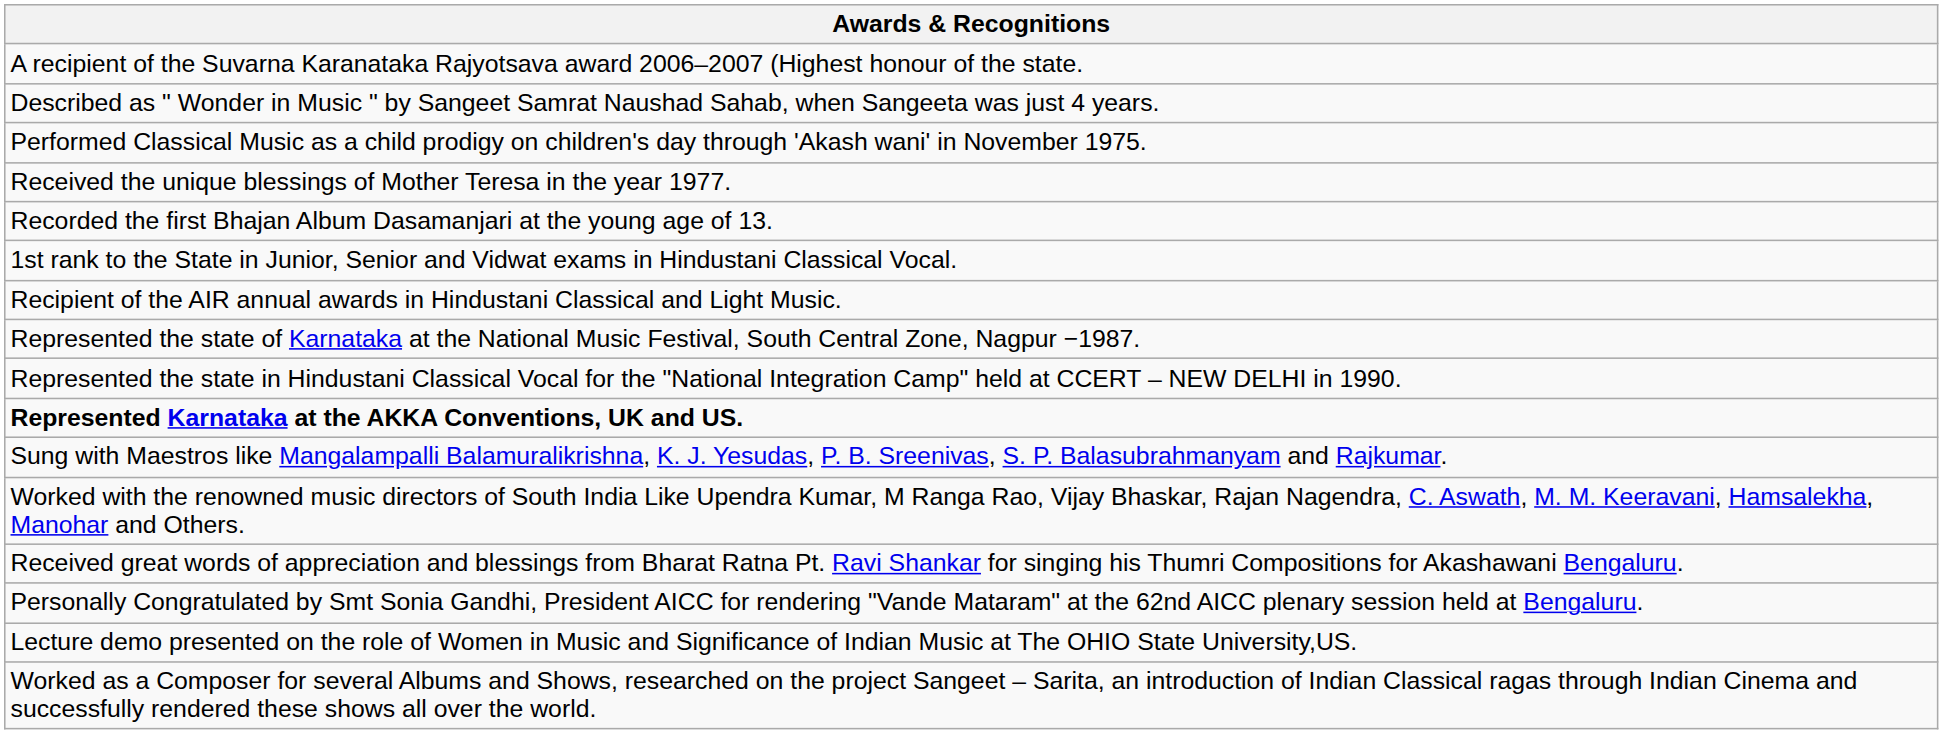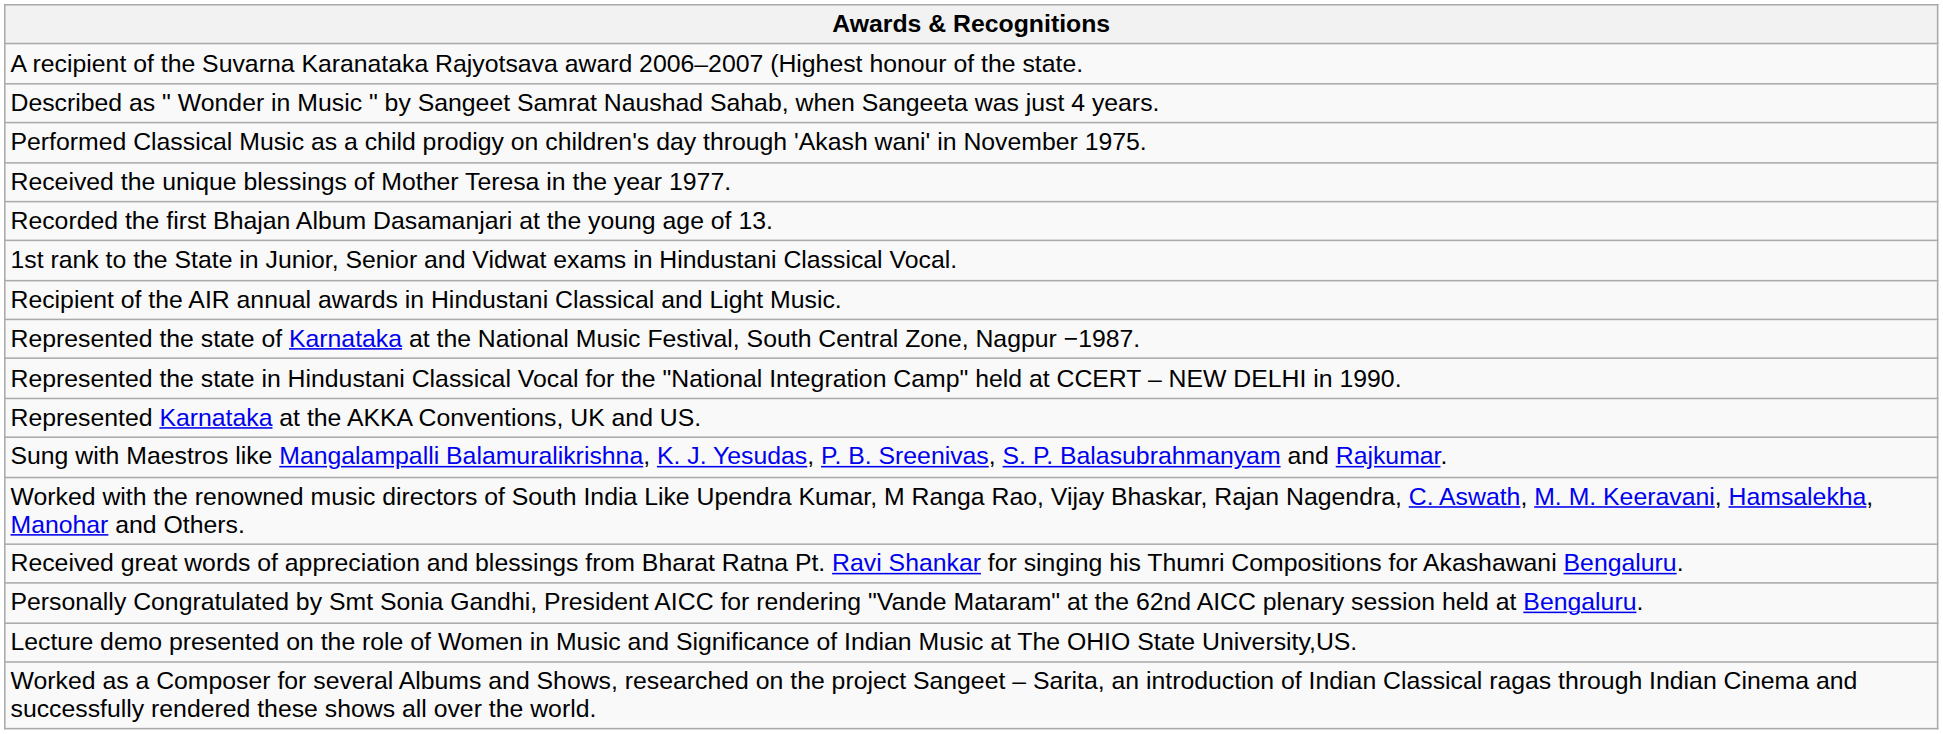 <table class="wikitable sortable">
 <tr>
 <th>Awards & Recognitions</th>
 </tr>
 <tr>
 <td>A recipient of the Suvarna Karanataka Rajyotsava award 2006–2007 (Highest honour of the state.</td>
 </tr>
 <tr>
 <td>Described as " Wonder in Music " by Sangeet Samrat Naushad Sahab, when Sangeeta was just 4 years.</td>
 </tr>
 <tr>
 <td>Performed Classical Music as a child prodigy on children's day through 'Akash wani' in November 1975.</td>
 </tr>
 <tr>
 <td>Received the unique blessings of Mother Teresa in the year 1977.</td>
 </tr>
 <tr>
 <td>Recorded the first Bhajan Album Dasamanjari at the young age of 13.</td>
 </tr>
 <tr>
 <td>1st rank to the State in Junior, Senior and Vidwat exams in Hindustani Classical Vocal.</td>
 </tr>
 <tr>
 <td>Recipient of the AIR annual awards in Hindustani Classical and Light Music.</td>
 </tr>
 <tr>
 <td>Represented the state of <a href='#'>Karnataka</a> at the National Music Festival, South Central Zone, Nagpur −1987.</td>
 </tr>
 <tr>
 <td>Represented the state in Hindustani Classical Vocal for the "National Integration Camp" held at CCERT – NEW DELHI in 1990.</td>
 </tr>
 <tr>
-<td><strong>Represented <a href='#'>Karnataka</a> at the AKKA Conventions, UK and US.</strong></td>
+<td>Represented <a href='#'>Karnataka</a> at the AKKA Conventions, UK and US.</td>
 </tr>
 <tr>
 <td>Sung with Maestros like <a href='#'>Mangalampalli Balamuralikrishna</a>, <a href='#'>K. J. Yesudas</a>, <a href='#'>P. B. Sreenivas</a>, <a href='#'>S. P. Balasubrahmanyam</a> and <a href='#'>Rajkumar</a>.</td>
 </tr>
 <tr>
 <td>Worked with the renowned music directors of South India Like Upendra Kumar, M Ranga Rao, Vijay Bhaskar, Rajan Nagendra, <a href='#'>C. Aswath</a>, <a href='#'>M. M. Keeravani</a>, <a href='#'>Hamsalekha</a>, <a href='#'>Manohar</a> and Others.</td>
 </tr>
 <tr>
 <td>Received great words of appreciation and blessings from Bharat Ratna Pt. <a href='#'>Ravi Shankar</a> for singing his Thumri Compositions for Akashawani <a href='#'>Bengaluru</a>.</td>
 </tr>
 <tr>
 <td>Personally Congratulated by Smt Sonia Gandhi, President AICC for rendering "Vande Mataram" at the 62nd AICC plenary session held at <a href='#'>Bengaluru</a>.</td>
 </tr>
 <tr>
 <td>Lecture demo presented on the role of Women in Music and Significance of Indian Music at The OHIO State University,US.</td>
 </tr>
 <tr>
 <td>Worked as a Composer for several Albums and Shows, researched on the project Sangeet – Sarita, an introduction of Indian Classical ragas through Indian Cinema and successfully rendered these shows all over the world.</td>
 </tr>
 </table>
